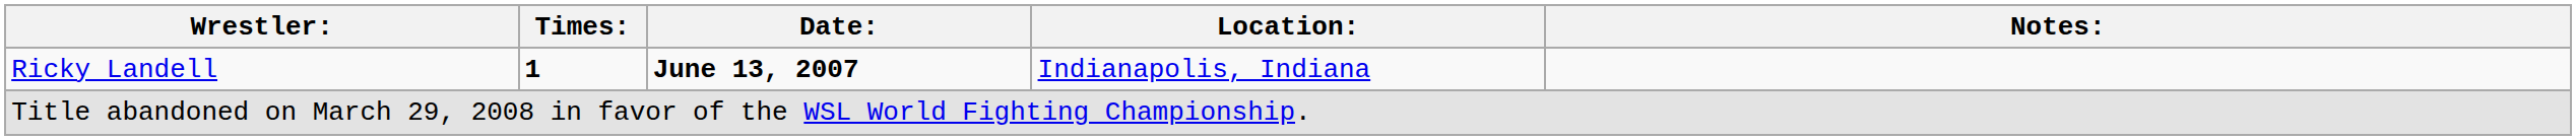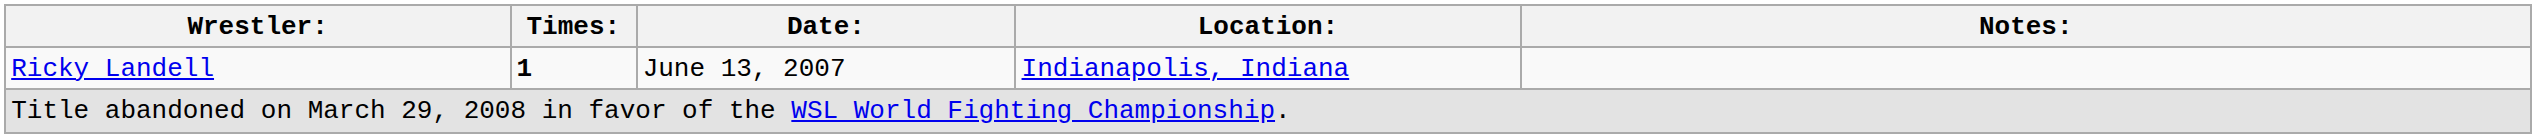 <table class="wikitable" width=100%>
 <tr>
 <th width=20%>Wrestler:</th>
 <th width=5%>Times:</th>
 <th width=15%>Date:</th>
 <th width=20%>Location:</th>
 <th width=40%>Notes:</th>
 </tr>
 <tr>
 <td><a href='#'>Ricky Landell</a></td>
 <td><strong>1</strong></td>
-<td><strong>June 13, 2007</strong></td>
+<td>June 13, 2007</td>
 <td><a href='#'>Indianapolis, Indiana</a></td>
 <td></td>
 </tr>
 <tr>
 <td colspan=5 style="background: #e3e3e3">Title abandoned on March 29, 2008 in favor of the <a href='#'>WSL World Fighting Championship</a>.</td>
 </tr>
 </table>
